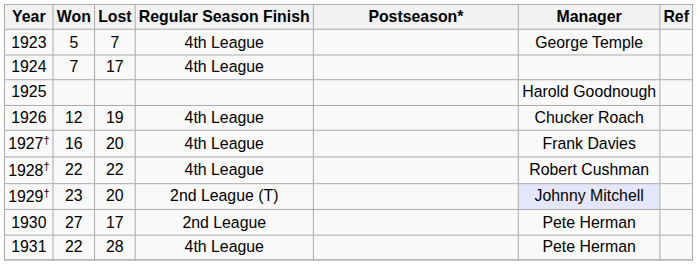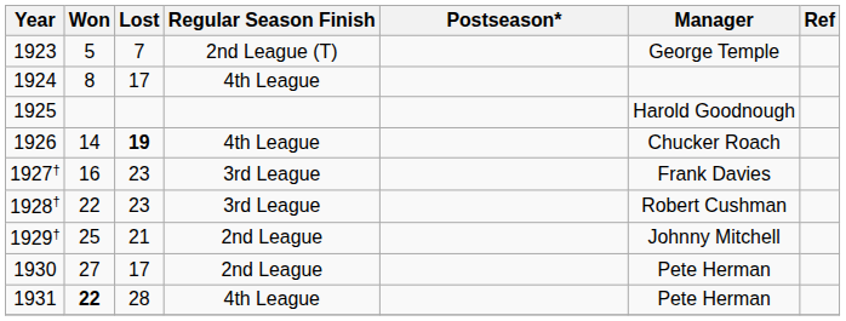 <table class="wikitable" style="text-align:center">
 <tr>
 <th>Year</th>
 <th>Won</th>
 <th>Lost</th>
 <th>Regular Season Finish</th>
 <th scope="col" style="width: 200px; ">Postseason*</th>
 <th>Manager</th>
 <th>Ref</th>
 </tr>
 <tr>
 <td>1923</td>
 <td>5</td>
 <td>7</td>
-<td>4th League</td>
+<td>2nd League (T)</td>
 <td></td>
 <td>George Temple</td>
 <td></td>
 </tr>
 <tr>
 <td>1924</td>
-<td>7</td>
+<td>8</td>
 <td>17</td>
 <td>4th League</td>
 <td></td>
 <td></td>
 <td></td>
 </tr>
 <tr>
 <td>1925</td>
 <td></td>
 <td></td>
 <td></td>
 <td></td>
 <td>Harold Goodnough</td>
 <td></td>
 </tr>
 <tr>
 <td>1926</td>
-<td>12</td>
-<td>19</td>
+<td>14</td>
+<td><strong>19</strong></td>
 <td>4th League</td>
 <td></td>
 <td>Chucker Roach</td>
 <td></td>
 </tr>
 <tr>
 <td>1927<small><sup>†</sup></small></td>
 <td>16</td>
-<td>20</td>
-<td>4th League</td>
+<td>23</td>
+<td>3rd League</td>
 <td></td>
 <td>Frank Davies</td>
 <td></td>
 </tr>
 <tr>
 <td>1928<small><sup>†</sup></small></td>
 <td>22</td>
-<td>22</td>
-<td>4th League</td>
+<td>23</td>
+<td>3rd League</td>
 <td></td>
 <td>Robert Cushman</td>
 <td></td>
 </tr>
 <tr>
 <td>1929<small><sup>†</sup></small></td>
-<td>23</td>
-<td>20</td>
-<td>2nd League (T)</td>
+<td>25</td>
+<td>21</td>
+<td>2nd League</td>
 <td></td>
-<td style="background: lavender;">Johnny Mitchell</td>
+<td>Johnny Mitchell</td>
 <td></td>
 </tr>
 <tr>
 <td>1930</td>
 <td>27</td>
 <td>17</td>
 <td>2nd League</td>
 <td></td>
 <td>Pete Herman</td>
 <td></td>
 </tr>
 <tr>
 <td>1931</td>
-<td>22</td>
+<td><strong>22</strong></td>
 <td>28</td>
 <td>4th League</td>
 <td></td>
 <td>Pete Herman</td>
 <td></td>
 </tr>
 <tr>
 </tr>
 </table>
